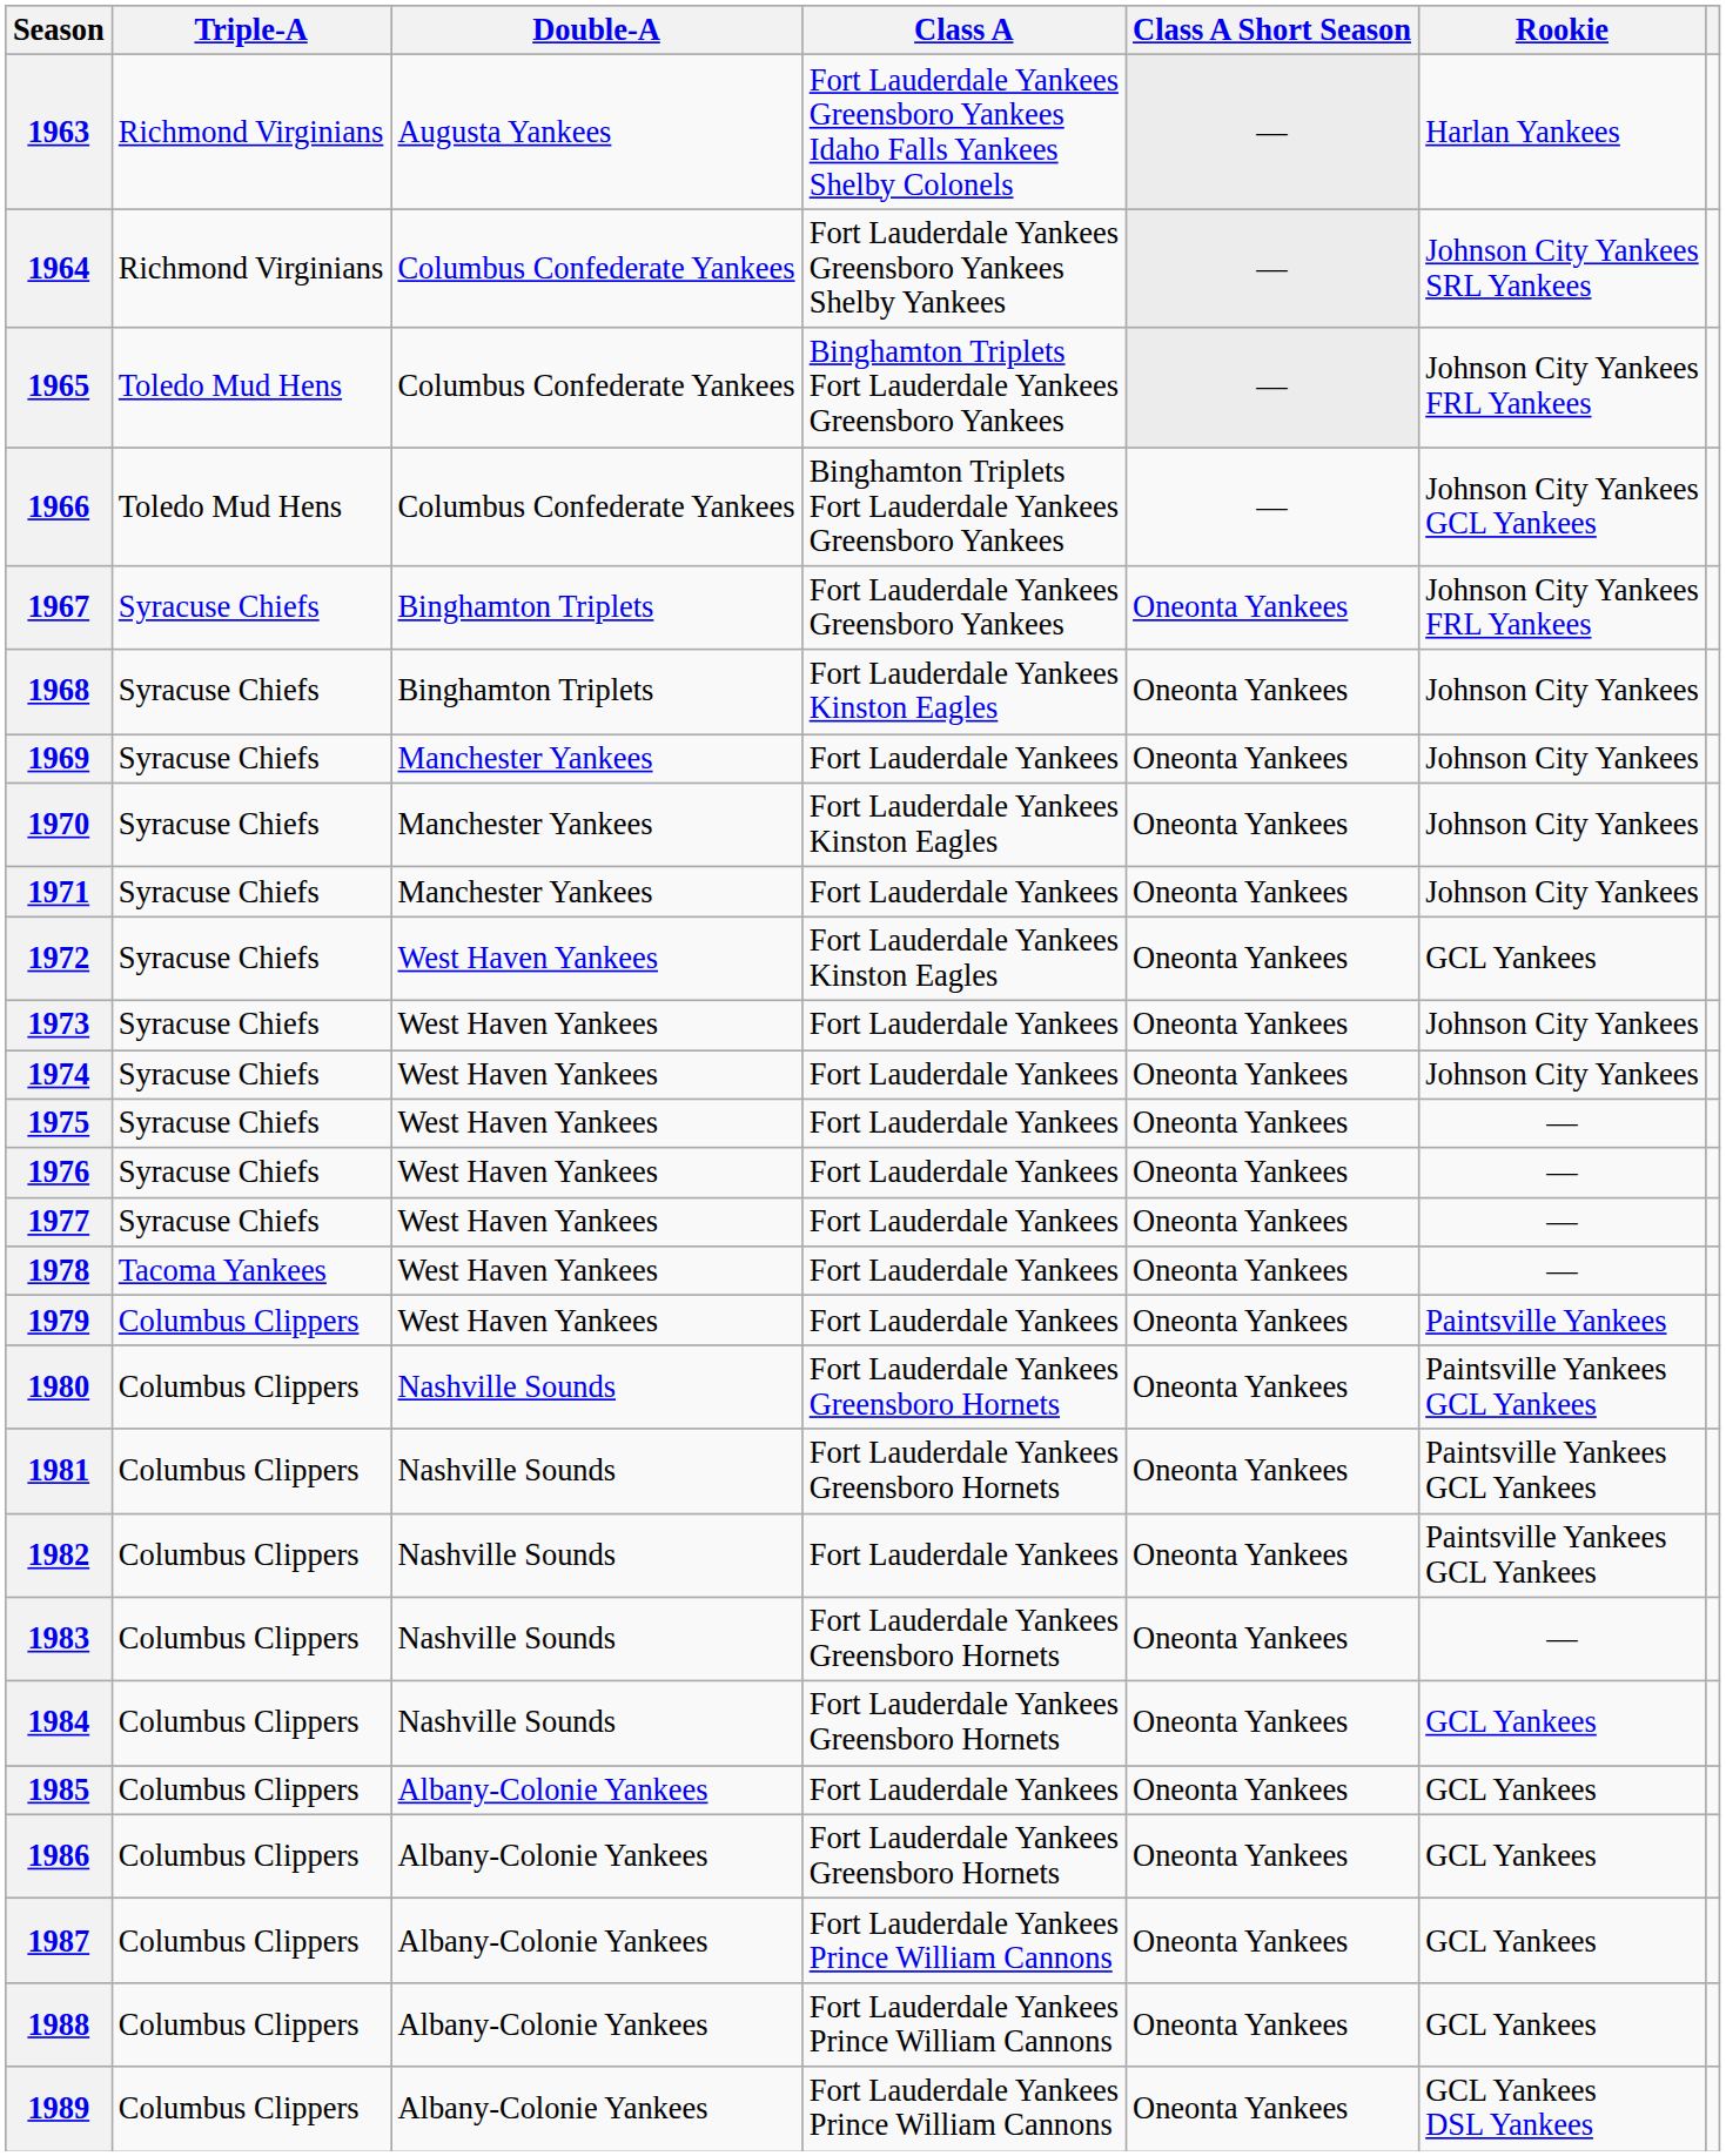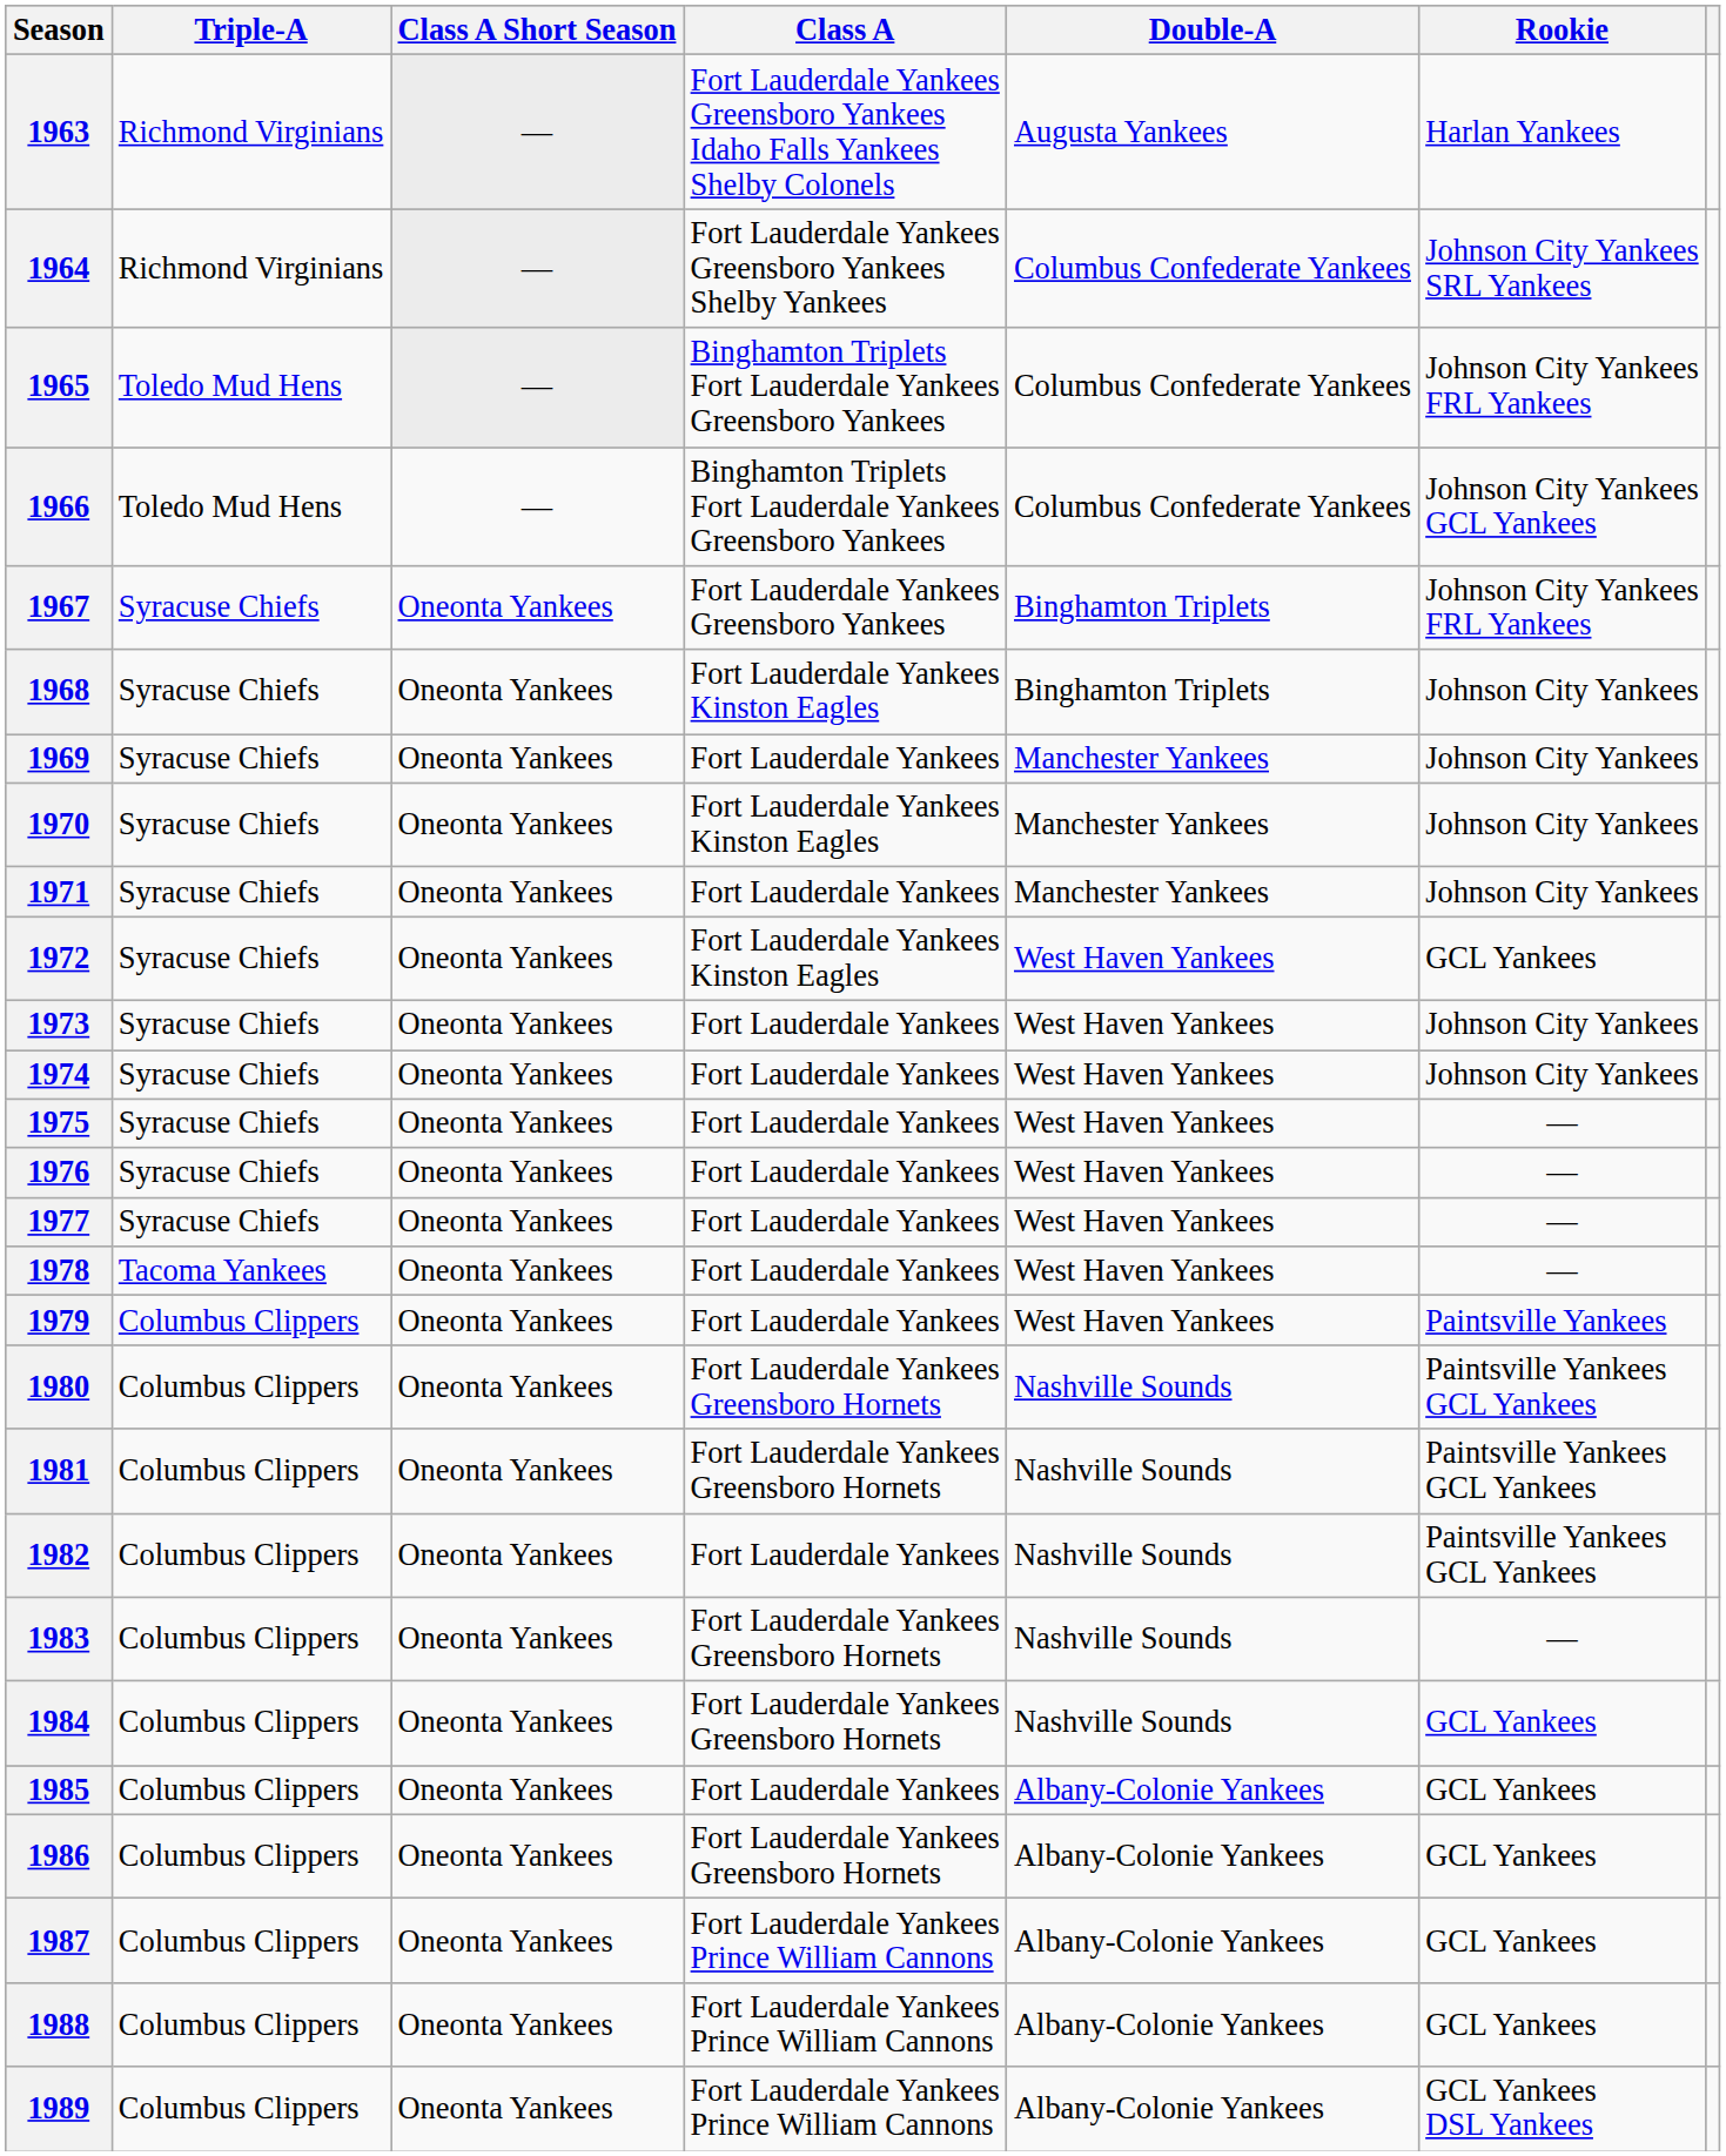 <table class="wikitable plainrowheaders">
 <tr>
 <th scope="col">Season</th>
 <th scope="col"><a href='#'><span>Triple-A</span></a></th>
+<th scope="col"><a href='#'><span>Class A Short Season</span></a></th>
+<th scope="col"><a href='#'><span>Class A</span></a></th>
 <th scope="col"><a href='#'><span>Double-A</span></a></th>
-<th scope="col"><a href='#'><span>Class A</span></a></th>
-<th scope="col"><a href='#'><span>Class A Short Season</span></a></th>
 <th scope="col"><a href='#'><span>Rookie</span></a></th>
 <th scope="col"></th>
 </tr>
 <tr>
 <th scope="row" style="text-align:center"><a href='#'>1963</a></th>
 <td><a href='#'>Richmond Virginians</a></td>
+<td style="background:#ececec" align="center">—</td>
+<td><a href='#'>Fort Lauderdale Yankees</a><br><a href='#'>Greensboro Yankees</a><br><a href='#'>Idaho Falls Yankees</a><br><a href='#'>Shelby Colonels</a></td>
 <td><a href='#'>Augusta Yankees</a></td>
-<td><a href='#'>Fort Lauderdale Yankees</a><br><a href='#'>Greensboro Yankees</a><br><a href='#'>Idaho Falls Yankees</a><br><a href='#'>Shelby Colonels</a></td>
-<td style="background:#ececec" align="center">—</td>
 <td><a href='#'>Harlan Yankees</a></td>
 <td align="center"></td>
 </tr>
 <tr>
 <th scope="row" style="text-align:center"><a href='#'>1964</a></th>
 <td>Richmond Virginians</td>
+<td style="background:#ececec" align="center">—</td>
+<td>Fort Lauderdale Yankees<br>Greensboro Yankees<br>Shelby Yankees</td>
 <td><a href='#'>Columbus Confederate Yankees</a></td>
-<td>Fort Lauderdale Yankees<br>Greensboro Yankees<br>Shelby Yankees</td>
-<td style="background:#ececec" align="center">—</td>
 <td><a href='#'>Johnson City Yankees</a><br><a href='#'>SRL Yankees</a></td>
 <td align="center"></td>
 </tr>
 <tr>
 <th scope="row" style="text-align:center"><a href='#'>1965</a></th>
 <td><a href='#'>Toledo Mud Hens</a></td>
+<td style="background:#ececec" align="center">—</td>
+<td><a href='#'>Binghamton Triplets</a><br>Fort Lauderdale Yankees<br>Greensboro Yankees</td>
 <td>Columbus Confederate Yankees</td>
-<td><a href='#'>Binghamton Triplets</a><br>Fort Lauderdale Yankees<br>Greensboro Yankees</td>
-<td style="background:#ececec" align="center">—</td>
 <td>Johnson City Yankees<br><a href='#'>FRL Yankees</a></td>
 <td align="center"></td>
 </tr>
 <tr>
 <th scope="row" style="text-align:center"><a href='#'>1966</a></th>
 <td>Toledo Mud Hens</td>
+<td align="center">—</td>
+<td>Binghamton Triplets<br>Fort Lauderdale Yankees<br>Greensboro Yankees</td>
 <td>Columbus Confederate Yankees</td>
-<td>Binghamton Triplets<br>Fort Lauderdale Yankees<br>Greensboro Yankees</td>
-<td align="center">—</td>
 <td>Johnson City Yankees<br><a href='#'>GCL Yankees</a></td>
 <td align="center"></td>
 </tr>
 <tr>
 <th scope="row" style="text-align:center"><a href='#'>1967</a></th>
 <td><a href='#'>Syracuse Chiefs</a></td>
+<td><a href='#'>Oneonta Yankees</a></td>
+<td>Fort Lauderdale Yankees<br>Greensboro Yankees</td>
 <td><a href='#'>Binghamton Triplets</a></td>
-<td>Fort Lauderdale Yankees<br>Greensboro Yankees</td>
-<td><a href='#'>Oneonta Yankees</a></td>
 <td>Johnson City Yankees<br><a href='#'>FRL Yankees</a></td>
 <td align="center"></td>
 </tr>
 <tr>
 <th scope="row" style="text-align:center"><a href='#'>1968</a></th>
 <td>Syracuse Chiefs</td>
+<td>Oneonta Yankees</td>
+<td>Fort Lauderdale Yankees<br><a href='#'>Kinston Eagles</a></td>
 <td>Binghamton Triplets</td>
-<td>Fort Lauderdale Yankees<br><a href='#'>Kinston Eagles</a></td>
-<td>Oneonta Yankees</td>
 <td>Johnson City Yankees</td>
 <td align="center"></td>
 </tr>
 <tr>
 <th scope="row" style="text-align:center"><a href='#'>1969</a></th>
 <td>Syracuse Chiefs</td>
+<td>Oneonta Yankees</td>
+<td>Fort Lauderdale Yankees</td>
 <td><a href='#'>Manchester Yankees</a></td>
-<td>Fort Lauderdale Yankees</td>
-<td>Oneonta Yankees</td>
 <td>Johnson City Yankees</td>
 <td align="center"></td>
 </tr>
 <tr>
 <th scope="row" style="text-align:center"><a href='#'>1970</a></th>
 <td>Syracuse Chiefs</td>
+<td>Oneonta Yankees</td>
+<td>Fort Lauderdale Yankees<br>Kinston Eagles</td>
 <td>Manchester Yankees</td>
-<td>Fort Lauderdale Yankees<br>Kinston Eagles</td>
-<td>Oneonta Yankees</td>
 <td>Johnson City Yankees</td>
 <td align="center"></td>
 </tr>
 <tr>
 <th scope="row" style="text-align:center"><a href='#'>1971</a></th>
 <td>Syracuse Chiefs</td>
+<td>Oneonta Yankees</td>
+<td>Fort Lauderdale Yankees</td>
 <td>Manchester Yankees</td>
-<td>Fort Lauderdale Yankees</td>
-<td>Oneonta Yankees</td>
 <td>Johnson City Yankees</td>
 <td align="center"></td>
 </tr>
 <tr>
 <th scope="row" style="text-align:center"><a href='#'>1972</a></th>
 <td>Syracuse Chiefs</td>
+<td>Oneonta Yankees</td>
+<td>Fort Lauderdale Yankees<br>Kinston Eagles</td>
 <td><a href='#'>West Haven Yankees</a></td>
-<td>Fort Lauderdale Yankees<br>Kinston Eagles</td>
-<td>Oneonta Yankees</td>
 <td>GCL Yankees</td>
 <td align="center"></td>
 </tr>
 <tr>
 <th scope="row" style="text-align:center"><a href='#'>1973</a></th>
 <td>Syracuse Chiefs</td>
+<td>Oneonta Yankees</td>
+<td>Fort Lauderdale Yankees</td>
 <td>West Haven Yankees</td>
-<td>Fort Lauderdale Yankees</td>
-<td>Oneonta Yankees</td>
 <td>Johnson City Yankees</td>
 <td align="center"></td>
 </tr>
 <tr>
 <th scope="row" style="text-align:center"><a href='#'>1974</a></th>
 <td>Syracuse Chiefs</td>
+<td>Oneonta Yankees</td>
+<td>Fort Lauderdale Yankees</td>
 <td>West Haven Yankees</td>
-<td>Fort Lauderdale Yankees</td>
-<td>Oneonta Yankees</td>
 <td>Johnson City Yankees</td>
 <td align="center"></td>
 </tr>
 <tr>
 <th scope="row" style="text-align:center"><a href='#'>1975</a></th>
 <td>Syracuse Chiefs</td>
+<td>Oneonta Yankees</td>
+<td>Fort Lauderdale Yankees</td>
 <td>West Haven Yankees</td>
-<td>Fort Lauderdale Yankees</td>
-<td>Oneonta Yankees</td>
 <td align="center">—</td>
 <td align="center"></td>
 </tr>
 <tr>
 <th scope="row" style="text-align:center"><a href='#'>1976</a></th>
 <td>Syracuse Chiefs</td>
+<td>Oneonta Yankees</td>
+<td>Fort Lauderdale Yankees</td>
 <td>West Haven Yankees</td>
-<td>Fort Lauderdale Yankees</td>
-<td>Oneonta Yankees</td>
 <td align="center">—</td>
 <td align="center"></td>
 </tr>
 <tr>
 <th scope="row" style="text-align:center"><a href='#'>1977</a></th>
 <td>Syracuse Chiefs</td>
+<td>Oneonta Yankees</td>
+<td>Fort Lauderdale Yankees</td>
 <td>West Haven Yankees</td>
-<td>Fort Lauderdale Yankees</td>
-<td>Oneonta Yankees</td>
 <td align="center">—</td>
 <td align="center"></td>
 </tr>
 <tr>
 <th scope="row" style="text-align:center"><a href='#'>1978</a></th>
 <td><a href='#'>Tacoma Yankees</a></td>
+<td>Oneonta Yankees</td>
+<td>Fort Lauderdale Yankees</td>
 <td>West Haven Yankees</td>
-<td>Fort Lauderdale Yankees</td>
-<td>Oneonta Yankees</td>
 <td align="center">—</td>
 <td align="center"></td>
 </tr>
 <tr>
 <th scope="row" style="text-align:center"><a href='#'>1979</a></th>
 <td><a href='#'>Columbus Clippers</a></td>
+<td>Oneonta Yankees</td>
+<td>Fort Lauderdale Yankees</td>
 <td>West Haven Yankees</td>
-<td>Fort Lauderdale Yankees</td>
-<td>Oneonta Yankees</td>
 <td><a href='#'>Paintsville Yankees</a></td>
 <td align="center"></td>
 </tr>
 <tr>
 <th scope="row" style="text-align:center"><a href='#'>1980</a></th>
 <td>Columbus Clippers</td>
+<td>Oneonta Yankees</td>
+<td>Fort Lauderdale Yankees<br><a href='#'>Greensboro Hornets</a></td>
 <td><a href='#'>Nashville Sounds</a></td>
-<td>Fort Lauderdale Yankees<br><a href='#'>Greensboro Hornets</a></td>
-<td>Oneonta Yankees</td>
 <td>Paintsville Yankees<br><a href='#'>GCL Yankees</a></td>
 <td align="center"></td>
 </tr>
 <tr>
 <th scope="row" style="text-align:center"><a href='#'>1981</a></th>
 <td>Columbus Clippers</td>
+<td>Oneonta Yankees</td>
+<td>Fort Lauderdale Yankees<br>Greensboro Hornets</td>
 <td>Nashville Sounds</td>
-<td>Fort Lauderdale Yankees<br>Greensboro Hornets</td>
-<td>Oneonta Yankees</td>
 <td>Paintsville Yankees<br>GCL Yankees</td>
 <td align="center"></td>
 </tr>
 <tr>
 <th scope="row" style="text-align:center"><a href='#'>1982</a></th>
 <td>Columbus Clippers</td>
+<td>Oneonta Yankees</td>
+<td>Fort Lauderdale Yankees</td>
 <td>Nashville Sounds</td>
-<td>Fort Lauderdale Yankees</td>
-<td>Oneonta Yankees</td>
 <td>Paintsville Yankees<br>GCL Yankees</td>
 <td align="center"></td>
 </tr>
 <tr>
 <th scope="row" style="text-align:center"><a href='#'>1983</a></th>
 <td>Columbus Clippers</td>
+<td>Oneonta Yankees</td>
+<td>Fort Lauderdale Yankees<br>Greensboro Hornets</td>
 <td>Nashville Sounds</td>
-<td>Fort Lauderdale Yankees<br>Greensboro Hornets</td>
-<td>Oneonta Yankees</td>
 <td align="center">—</td>
 <td align="center"></td>
 </tr>
 <tr>
 <th scope="row" style="text-align:center"><a href='#'>1984</a></th>
 <td>Columbus Clippers</td>
+<td>Oneonta Yankees</td>
+<td>Fort Lauderdale Yankees<br>Greensboro Hornets</td>
 <td>Nashville Sounds</td>
-<td>Fort Lauderdale Yankees<br>Greensboro Hornets</td>
-<td>Oneonta Yankees</td>
 <td><a href='#'>GCL Yankees</a></td>
 <td align="center"></td>
 </tr>
 <tr>
 <th scope="row" style="text-align:center"><a href='#'>1985</a></th>
 <td>Columbus Clippers</td>
+<td>Oneonta Yankees</td>
+<td>Fort Lauderdale Yankees</td>
 <td><a href='#'>Albany-Colonie Yankees</a></td>
-<td>Fort Lauderdale Yankees</td>
-<td>Oneonta Yankees</td>
 <td>GCL Yankees</td>
 <td align="center"></td>
 </tr>
 <tr>
 <th scope="row" style="text-align:center"><a href='#'>1986</a></th>
 <td>Columbus Clippers</td>
+<td>Oneonta Yankees</td>
+<td>Fort Lauderdale Yankees<br>Greensboro Hornets</td>
 <td>Albany-Colonie Yankees</td>
-<td>Fort Lauderdale Yankees<br>Greensboro Hornets</td>
-<td>Oneonta Yankees</td>
 <td>GCL Yankees</td>
 <td align="center"></td>
 </tr>
 <tr>
 <th scope="row" style="text-align:center"><a href='#'>1987</a></th>
 <td>Columbus Clippers</td>
+<td>Oneonta Yankees</td>
+<td>Fort Lauderdale Yankees<br><a href='#'>Prince William Cannons</a></td>
 <td>Albany-Colonie Yankees</td>
-<td>Fort Lauderdale Yankees<br><a href='#'>Prince William Cannons</a></td>
-<td>Oneonta Yankees</td>
 <td>GCL Yankees</td>
 <td align="center"></td>
 </tr>
 <tr>
 <th scope="row" style="text-align:center"><a href='#'>1988</a></th>
 <td>Columbus Clippers</td>
+<td>Oneonta Yankees</td>
+<td>Fort Lauderdale Yankees<br>Prince William Cannons</td>
 <td>Albany-Colonie Yankees</td>
-<td>Fort Lauderdale Yankees<br>Prince William Cannons</td>
-<td>Oneonta Yankees</td>
 <td>GCL Yankees</td>
 <td align="center"></td>
 </tr>
 <tr>
 <th scope="row" style="text-align:center"><a href='#'>1989</a></th>
 <td>Columbus Clippers</td>
+<td>Oneonta Yankees</td>
+<td>Fort Lauderdale Yankees<br>Prince William Cannons</td>
 <td>Albany-Colonie Yankees</td>
-<td>Fort Lauderdale Yankees<br>Prince William Cannons</td>
-<td>Oneonta Yankees</td>
 <td>GCL Yankees<br><a href='#'>DSL Yankees</a></td>
 <td align="center"></td>
 </tr>
 </table>
